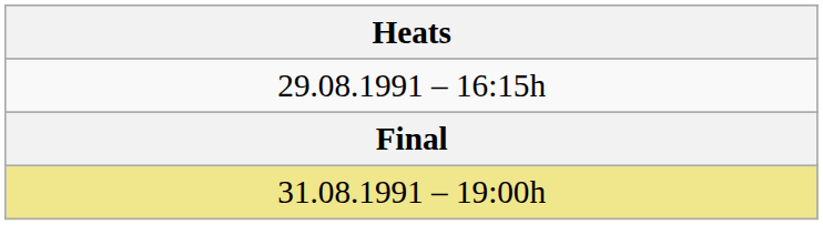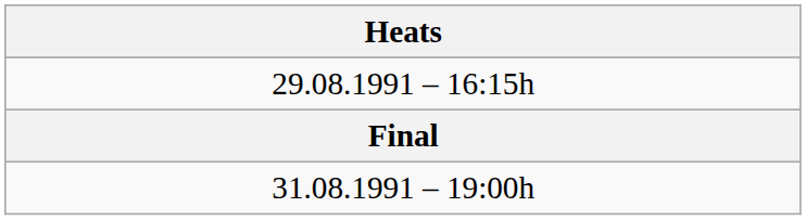 <table class="wikitable" style=" text-align:center; font-size:110%;" width="35%">
 <tr>
 <th>Heats</th>
 </tr>
 <tr>
 <td>29.08.1991 – 16:15h</td>
 </tr>
 <tr>
 <th>Final</th>
 </tr>
 <tr>
-<td style="background: khaki;">31.08.1991 – 19:00h</td>
+<td>31.08.1991 – 19:00h</td>
 </tr>
 </table>
